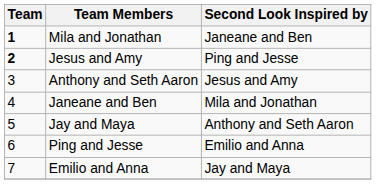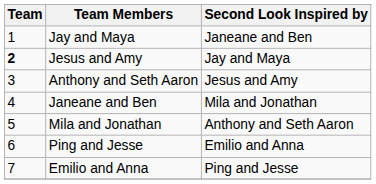 <table class="wikitable">
 <tr>
 <th>Team</th>
 <th>Team Members</th>
 <th>Second Look Inspired by</th>
 </tr>
 <tr>
-<td><strong>1</strong></td>
-<td>Mila and Jonathan</td>
+<td>1</td>
+<td>Jay and Maya</td>
 <td>Janeane and Ben</td>
 </tr>
 <tr>
 <td><strong>2</strong></td>
 <td>Jesus and Amy</td>
-<td>Ping and Jesse</td>
+<td>Jay and Maya</td>
 </tr>
 <tr>
 <td>3</td>
 <td>Anthony and Seth Aaron</td>
 <td>Jesus and Amy</td>
 </tr>
 <tr>
 <td>4</td>
 <td>Janeane and Ben</td>
 <td>Mila and Jonathan</td>
 </tr>
 <tr>
 <td>5</td>
-<td>Jay and Maya</td>
+<td>Mila and Jonathan</td>
 <td>Anthony and Seth Aaron</td>
 </tr>
 <tr>
 <td>6</td>
 <td>Ping and Jesse</td>
 <td>Emilio and Anna</td>
 </tr>
 <tr>
 <td>7</td>
 <td>Emilio and Anna</td>
-<td>Jay and Maya</td>
+<td>Ping and Jesse</td>
 </tr>
 <tr>
 </tr>
 </table>
